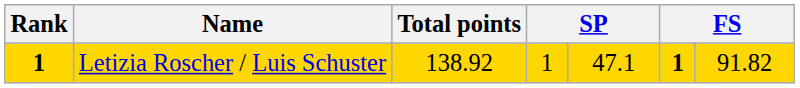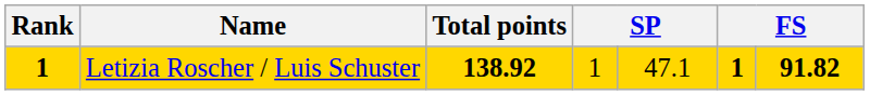 <table class="wikitable sortable">
 <tr>
 <th>Rank</th>
 <th>Name</th>
 <th>Total points</th>
 <th colspan="2" width="80px"><a href='#'>SP</a></th>
 <th colspan="2" width="80px"><a href='#'>FS</a></th>
 </tr>
 <tr bgcolor="gold">
 <td align="center"><strong>1</strong></td>
 <td><a href='#'>Letizia Roscher</a> / <a href='#'>Luis Schuster</a></td>
-<td align="center">138.92</td>
+<td align="center"><strong>138.92</strong></td>
 <td align="center">1</td>
 <td align="center">47.1</td>
 <td align="center"><strong>1</strong></td>
-<td align="center">91.82</td>
+<td align="center"><strong>91.82</strong></td>
 </tr>
 </table>
